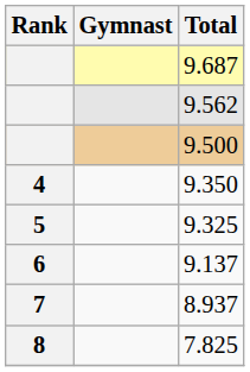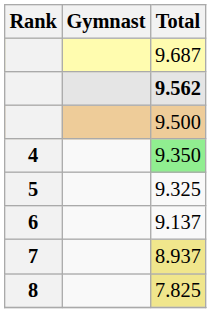 <table class="wikitable sortable" style="text-align:center; font-size:95%">
 <tr>
 <th scope=col>Rank</th>
 <th scope=col>Gymnast</th>
 <th scope=col>Total</th>
 </tr>
 <tr bgcolor=fffcaf>
 <th scope=row style="text-align:center"></th>
 <td align=left></td>
 <td>9.687</td>
 </tr>
 <tr bgcolor=e5e5e5>
 <th scope=row style="text-align:center"></th>
 <td align=left></td>
-<td>9.562</td>
+<td><strong>9.562</strong></td>
 </tr>
 <tr bgcolor=eecc99>
 <th scope=row style="text-align:center"></th>
 <td align=left></td>
 <td>9.500</td>
 </tr>
 <tr>
 <th scope=row style="text-align:center">4</th>
 <td align=left></td>
-<td>9.350</td>
+<td style="background: lightgreen;">9.350</td>
 </tr>
 <tr>
 <th scope=row style="text-align:center">5</th>
 <td align=left></td>
 <td>9.325</td>
 </tr>
 <tr>
 <th scope=row style="text-align:center">6</th>
 <td align=left></td>
 <td>9.137</td>
 </tr>
 <tr>
 <th scope=row style="text-align:center">7</th>
 <td align=left></td>
-<td>8.937</td>
+<td style="background: khaki;">8.937</td>
 </tr>
 <tr>
 <th scope=row style="text-align:center">8</th>
 <td align=left></td>
-<td>7.825</td>
+<td style="background: khaki;">7.825</td>
 </tr>
 <tr>
 </tr>
 </table>
